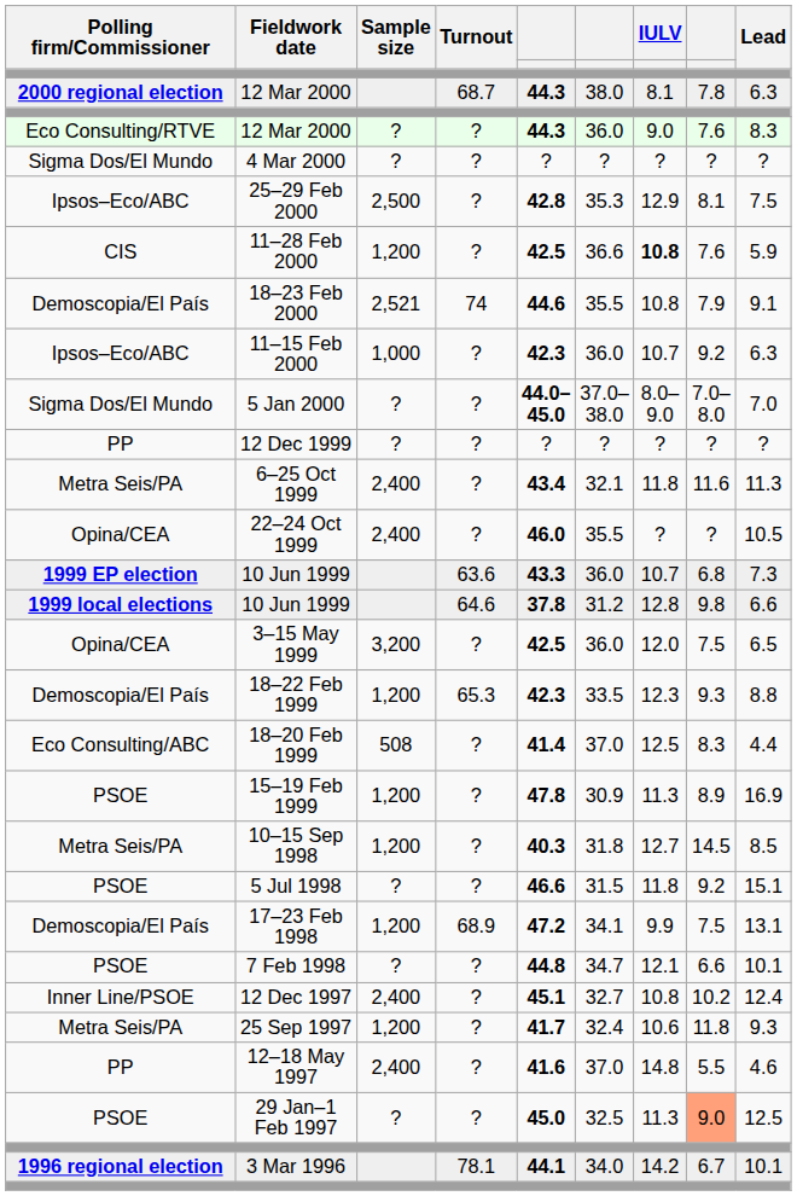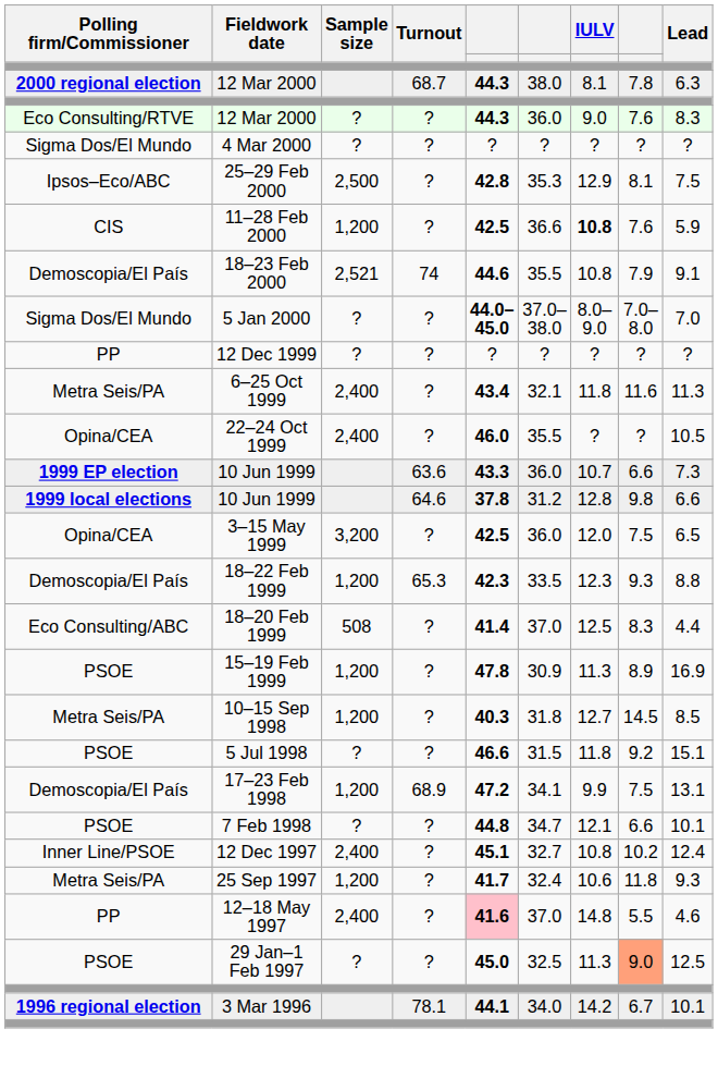 <table class="wikitable collapsible collapsed" style="text-align:center; font-size:95%; line-height:16px;">
 <tr style="height:42px;">
 <th style="width:250px;" rowspan="2">Polling firm/Commissioner</th>
 <th style="width:125px;" rowspan="2">Fieldwork date</th>
 <th style="width:50px;" rowspan="2">Sample size</th>
 <th style="width:45px;" rowspan="2">Turnout</th>
 <th style="width:35px;"></th>
 <th style="width:35px;"></th>
 <th style="width:35px;"><a href='#'>IULV</a></th>
 <th style="width:35px;"></th>
 <th style="width:20px;" rowspan="2">Lead</th>
 </tr>
 <tr>
 <th style="color:inherit;background:"></th>
 <th style="color:inherit;background:"></th>
 <th style="color:inherit;background:"></th>
 <th style="color:inherit;background:"></th>
 </tr>
 <tr>
 <td colspan="9" style="background:#A0A0A0"></td>
 </tr>
 <tr style="background:#EFEFEF;">
 <td><strong><a href='#'>2000 regional election</a></strong></td>
 <td>12 Mar 2000</td>
 <td></td>
 <td>68.7</td>
 <td><strong>44.3</strong><br></td>
 <td>38.0<br></td>
 <td>8.1<br></td>
 <td>7.8<br></td>
 <td style="background:">6.3</td>
 </tr>
 <tr>
 <td colspan="9" style="background:#A0A0A0"></td>
 </tr>
 <tr style="background:#EAFFEA;">
 <td>Eco Consulting/RTVE</td>
 <td>12 Mar 2000</td>
 <td>?</td>
 <td>?</td>
 <td><strong>44.3</strong><br></td>
 <td>36.0<br></td>
 <td>9.0<br></td>
 <td>7.6<br></td>
 <td style="background:">8.3</td>
 </tr>
 <tr>
 <td>Sigma Dos/El Mundo</td>
 <td>4 Mar 2000</td>
 <td>?</td>
 <td>?</td>
 <td>?<br></td>
 <td>?<br></td>
 <td>?<br></td>
 <td>?<br></td>
 <td style="background:">?</td>
 </tr>
 <tr>
 <td>Ipsos–Eco/ABC</td>
 <td>25–29 Feb 2000</td>
 <td>2,500</td>
 <td>?</td>
 <td><strong>42.8</strong><br></td>
 <td>35.3<br></td>
 <td>12.9<br></td>
 <td>8.1<br></td>
 <td style="background:">7.5</td>
 </tr>
 <tr>
 <td>CIS</td>
 <td>11–28 Feb 2000</td>
 <td>1,200</td>
 <td>?</td>
 <td><strong>42.5</strong><br></td>
 <td>36.6<br></td>
 <td><strong>10.8<br></strong></td>
 <td>7.6<br></td>
 <td style="background:">5.9</td>
 </tr>
 <tr>
 <td>Demoscopia/El País</td>
 <td>18–23 Feb 2000</td>
 <td>2,521</td>
 <td>74</td>
 <td><strong>44.6</strong><br></td>
 <td>35.5<br></td>
 <td>10.8<br></td>
 <td>7.9<br></td>
 <td style="background:">9.1</td>
 </tr>
 <tr>
-<td>Ipsos–Eco/ABC</td>
-<td>11–15 Feb 2000</td>
-<td>1,000</td>
-<td>?</td>
-<td><strong>42.3</strong></td>
-<td>36.0</td>
-<td>10.7</td>
-<td>9.2</td>
-<td style="background:">6.3</td>
-</tr>
-<tr>
 <td>Sigma Dos/El Mundo</td>
 <td>5 Jan 2000</td>
 <td>?</td>
 <td>?</td>
 <td><strong>44.0–<br>45.0</strong><br></td>
 <td>37.0–<br>38.0<br></td>
 <td>8.0–<br>9.0<br></td>
 <td>7.0–<br>8.0<br></td>
 <td style="background:">7.0</td>
 </tr>
 <tr>
 <td>PP</td>
 <td>12 Dec 1999</td>
 <td>?</td>
 <td>?</td>
 <td>?<br></td>
 <td>?<br></td>
 <td>?<br></td>
 <td>?<br></td>
 <td style="background:">?</td>
 </tr>
 <tr>
 <td>Metra Seis/PA</td>
 <td>6–25 Oct 1999</td>
 <td>2,400</td>
 <td>?</td>
 <td><strong>43.4</strong><br></td>
 <td>32.1<br></td>
 <td>11.8<br></td>
 <td>11.6<br></td>
 <td style="background:">11.3</td>
 </tr>
 <tr>
 <td>Opina/CEA</td>
 <td>22–24 Oct 1999</td>
 <td>2,400</td>
 <td>?</td>
 <td><strong>46.0</strong><br></td>
 <td>35.5<br></td>
 <td>?<br></td>
 <td>?<br></td>
 <td style="background:">10.5</td>
 </tr>
 <tr style="background:#EFEFEF;">
 <td><strong><a href='#'>1999 EP election</a></strong></td>
 <td>10 Jun 1999</td>
 <td></td>
 <td>63.6</td>
 <td><strong>43.3</strong><br></td>
 <td>36.0<br></td>
 <td>10.7<br></td>
-<td>6.8<br></td>
+<td>6.6<br></td>
 <td style="background:">7.3</td>
 </tr>
 <tr style="background:#EFEFEF;">
 <td><strong><a href='#'>1999 local elections</a></strong></td>
 <td>10 Jun 1999</td>
 <td></td>
 <td>64.6</td>
 <td><strong>37.8</strong></td>
 <td>31.2</td>
 <td>12.8</td>
 <td>9.8</td>
 <td style="background:">6.6</td>
 </tr>
 <tr>
 <td>Opina/CEA</td>
 <td>3–15 May 1999</td>
 <td>3,200</td>
 <td>?</td>
 <td><strong>42.5</strong><br></td>
 <td>36.0<br></td>
 <td>12.0<br></td>
 <td>7.5<br></td>
 <td style="background:">6.5</td>
 </tr>
 <tr>
 <td>Demoscopia/El País</td>
 <td>18–22 Feb 1999</td>
 <td>1,200</td>
 <td>65.3</td>
 <td><strong>42.3</strong></td>
 <td>33.5</td>
 <td>12.3</td>
 <td>9.3</td>
 <td style="background:">8.8</td>
 </tr>
 <tr>
 <td>Eco Consulting/ABC</td>
 <td>18–20 Feb 1999</td>
 <td>508</td>
 <td>?</td>
 <td><strong>41.4</strong></td>
 <td>37.0</td>
 <td>12.5</td>
 <td>8.3</td>
 <td style="background:">4.4</td>
 </tr>
 <tr>
 <td>PSOE</td>
 <td>15–19 Feb 1999</td>
 <td>1,200</td>
 <td>?</td>
 <td><strong>47.8</strong></td>
 <td>30.9</td>
 <td>11.3</td>
 <td>8.9</td>
 <td style="background:">16.9</td>
 </tr>
 <tr>
 <td>Metra Seis/PA</td>
 <td>10–15 Sep 1998</td>
 <td>1,200</td>
 <td>?</td>
 <td><strong>40.3</strong><br></td>
 <td>31.8<br></td>
 <td>12.7<br></td>
 <td>14.5<br></td>
 <td style="background:">8.5</td>
 </tr>
 <tr>
 <td>PSOE</td>
 <td>5 Jul 1998</td>
 <td>?</td>
 <td>?</td>
 <td><strong>46.6</strong></td>
 <td>31.5</td>
 <td>11.8</td>
 <td>9.2</td>
 <td style="background:">15.1</td>
 </tr>
 <tr>
 <td>Demoscopia/El País</td>
 <td>17–23 Feb 1998</td>
 <td>1,200</td>
 <td>68.9</td>
 <td><strong>47.2</strong></td>
 <td>34.1</td>
 <td>9.9</td>
 <td>7.5</td>
 <td style="background:">13.1</td>
 </tr>
 <tr>
 <td>PSOE</td>
 <td>7 Feb 1998</td>
 <td>?</td>
 <td>?</td>
 <td><strong>44.8</strong></td>
 <td>34.7</td>
 <td>12.1</td>
 <td>6.6</td>
 <td style="background:">10.1</td>
 </tr>
 <tr>
 <td>Inner Line/PSOE</td>
 <td>12 Dec 1997</td>
 <td>2,400</td>
 <td>?</td>
 <td><strong>45.1</strong></td>
 <td>32.7</td>
 <td>10.8</td>
 <td>10.2</td>
 <td style="background:">12.4</td>
 </tr>
 <tr>
 <td>Metra Seis/PA</td>
 <td>25 Sep 1997</td>
 <td>1,200</td>
 <td>?</td>
 <td><strong>41.7</strong><br></td>
 <td>32.4<br></td>
 <td>10.6<br></td>
 <td>11.8<br></td>
 <td style="background:">9.3</td>
 </tr>
 <tr>
 <td>PP</td>
 <td>12–18 May 1997</td>
 <td>2,400</td>
 <td>?</td>
-<td><strong>41.6</strong><br></td>
+<td style="background: pink;"><strong>41.6</strong><br></td>
 <td>37.0<br></td>
 <td>14.8<br></td>
 <td>5.5<br></td>
 <td style="background:">4.6</td>
 </tr>
 <tr>
 <td>PSOE</td>
 <td>29 Jan–1 Feb 1997</td>
 <td>?</td>
 <td>?</td>
 <td><strong>45.0</strong></td>
 <td>32.5</td>
 <td>11.3</td>
 <td style="background: lightsalmon;">9.0</td>
 <td style="background:">12.5</td>
 </tr>
 <tr>
 <td colspan="9" style="background:#A0A0A0"></td>
 </tr>
 <tr style="background:#EFEFEF;">
 <td><strong><a href='#'>1996 regional election</a></strong></td>
 <td>3 Mar 1996</td>
 <td></td>
 <td>78.1</td>
 <td><strong>44.1</strong><br></td>
 <td>34.0<br></td>
 <td>14.2<br></td>
 <td>6.7<br></td>
 <td style="background:">10.1</td>
 </tr>
 <tr>
 <td colspan="9" style="background:#A0A0A0"></td>
 </tr>
 </table>
